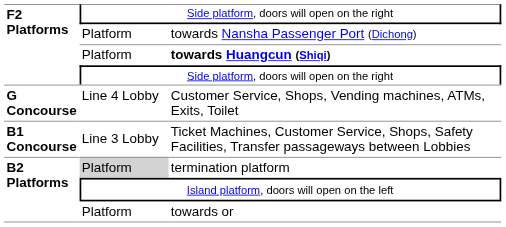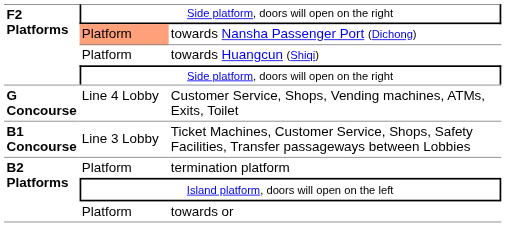 <table table border=0 cellspacing=0 cellpadding=3>
 <tr>
 <td style="border-top:solid 1px gray;" rowspan=4 valign=top><strong>F2<br>Platforms</strong></td>
 <td style="border-right:solid 2px black;border-left:solid 2px black;border-bottom:solid 2px black;border-top:solid 1px gray;font-size:smaller;text-align:center;" colspan=2><a href='#'>Side platform</a>, doors will open on the right</td>
 </tr>
 <tr>
-<td style="border-bottom:solid 1px gray;" width=100>Platform </td>
+<td style="background: lightsalmon; border-bottom:solid 1px gray;" width=100>Platform </td>
 <td style="border-bottom:solid 1px gray;" width=390>  towards <a href='#'>Nansha Passenger Port</a> <small>(<a href='#'>Dichong</a>)</small></td>
 </tr>
 <tr>
 <td>Platform </td>
-<td><strong>  towards <a href='#'>Huangcun</a> <small>(<a href='#'>Shiqi</a>)</small> </strong></td>
+<td>  towards <a href='#'>Huangcun</a> <small>(<a href='#'>Shiqi</a>)</small> </td>
 </tr>
 <tr>
 <td style="border-top:solid 2px black;border-right:solid 2px black;border-left:solid 2px black;font-size:smaller;text-align:center;" colspan=2><a href='#'>Side platform</a>, doors will open on the right</td>
 </tr>
 <tr>
 <td style="border-bottom:solid 1px gray; border-top:solid 1px gray;" valign=top width=50><strong>G<br>Concourse</strong></td>
 <td style="border-bottom:solid 1px gray; border-top:solid 1px gray;" valign=top width=100>Line 4 Lobby</td>
 <td style="border-bottom:solid 1px gray; border-top:solid 1px gray;" valign=top width=390>Customer Service, Shops, Vending machines, ATMs, Exits, Toilet</td>
 </tr>
 <tr>
 <td><strong>B1<br>Concourse</strong></td>
 <td>Line 3 Lobby</td>
 <td>Ticket Machines, Customer Service, Shops, Safety Facilities, Transfer passageways between Lobbies</td>
 </tr>
 <tr>
 <td style="border-bottom:solid 1px gray;border-top:solid 1px gray;" rowspan=3 valign=top><strong>B2<br>Platforms</strong></td>
-<td style="background: lightgrey; border-top:solid 1px gray;">Platform </td>
+<td style="border-top:solid 1px gray;">Platform </td>
 <td style="border-top:solid 1px gray;">  termination platform</td>
 </tr>
 <tr>
 <td style="border-right:solid 2px black;border-left:solid 2px black;border-top:solid 2px black;border-bottom:solid 2px black;text-align:center;" colspan=2><small><a href='#'>Island platform</a>, doors will open on the left</small></td>
 </tr>
 <tr>
 <td style="border-bottom:solid 1px gray;">Platform </td>
 <td style="border-bottom:solid 1px gray;"><span></span>  towards  or   </td>
 </tr>
 </table>
